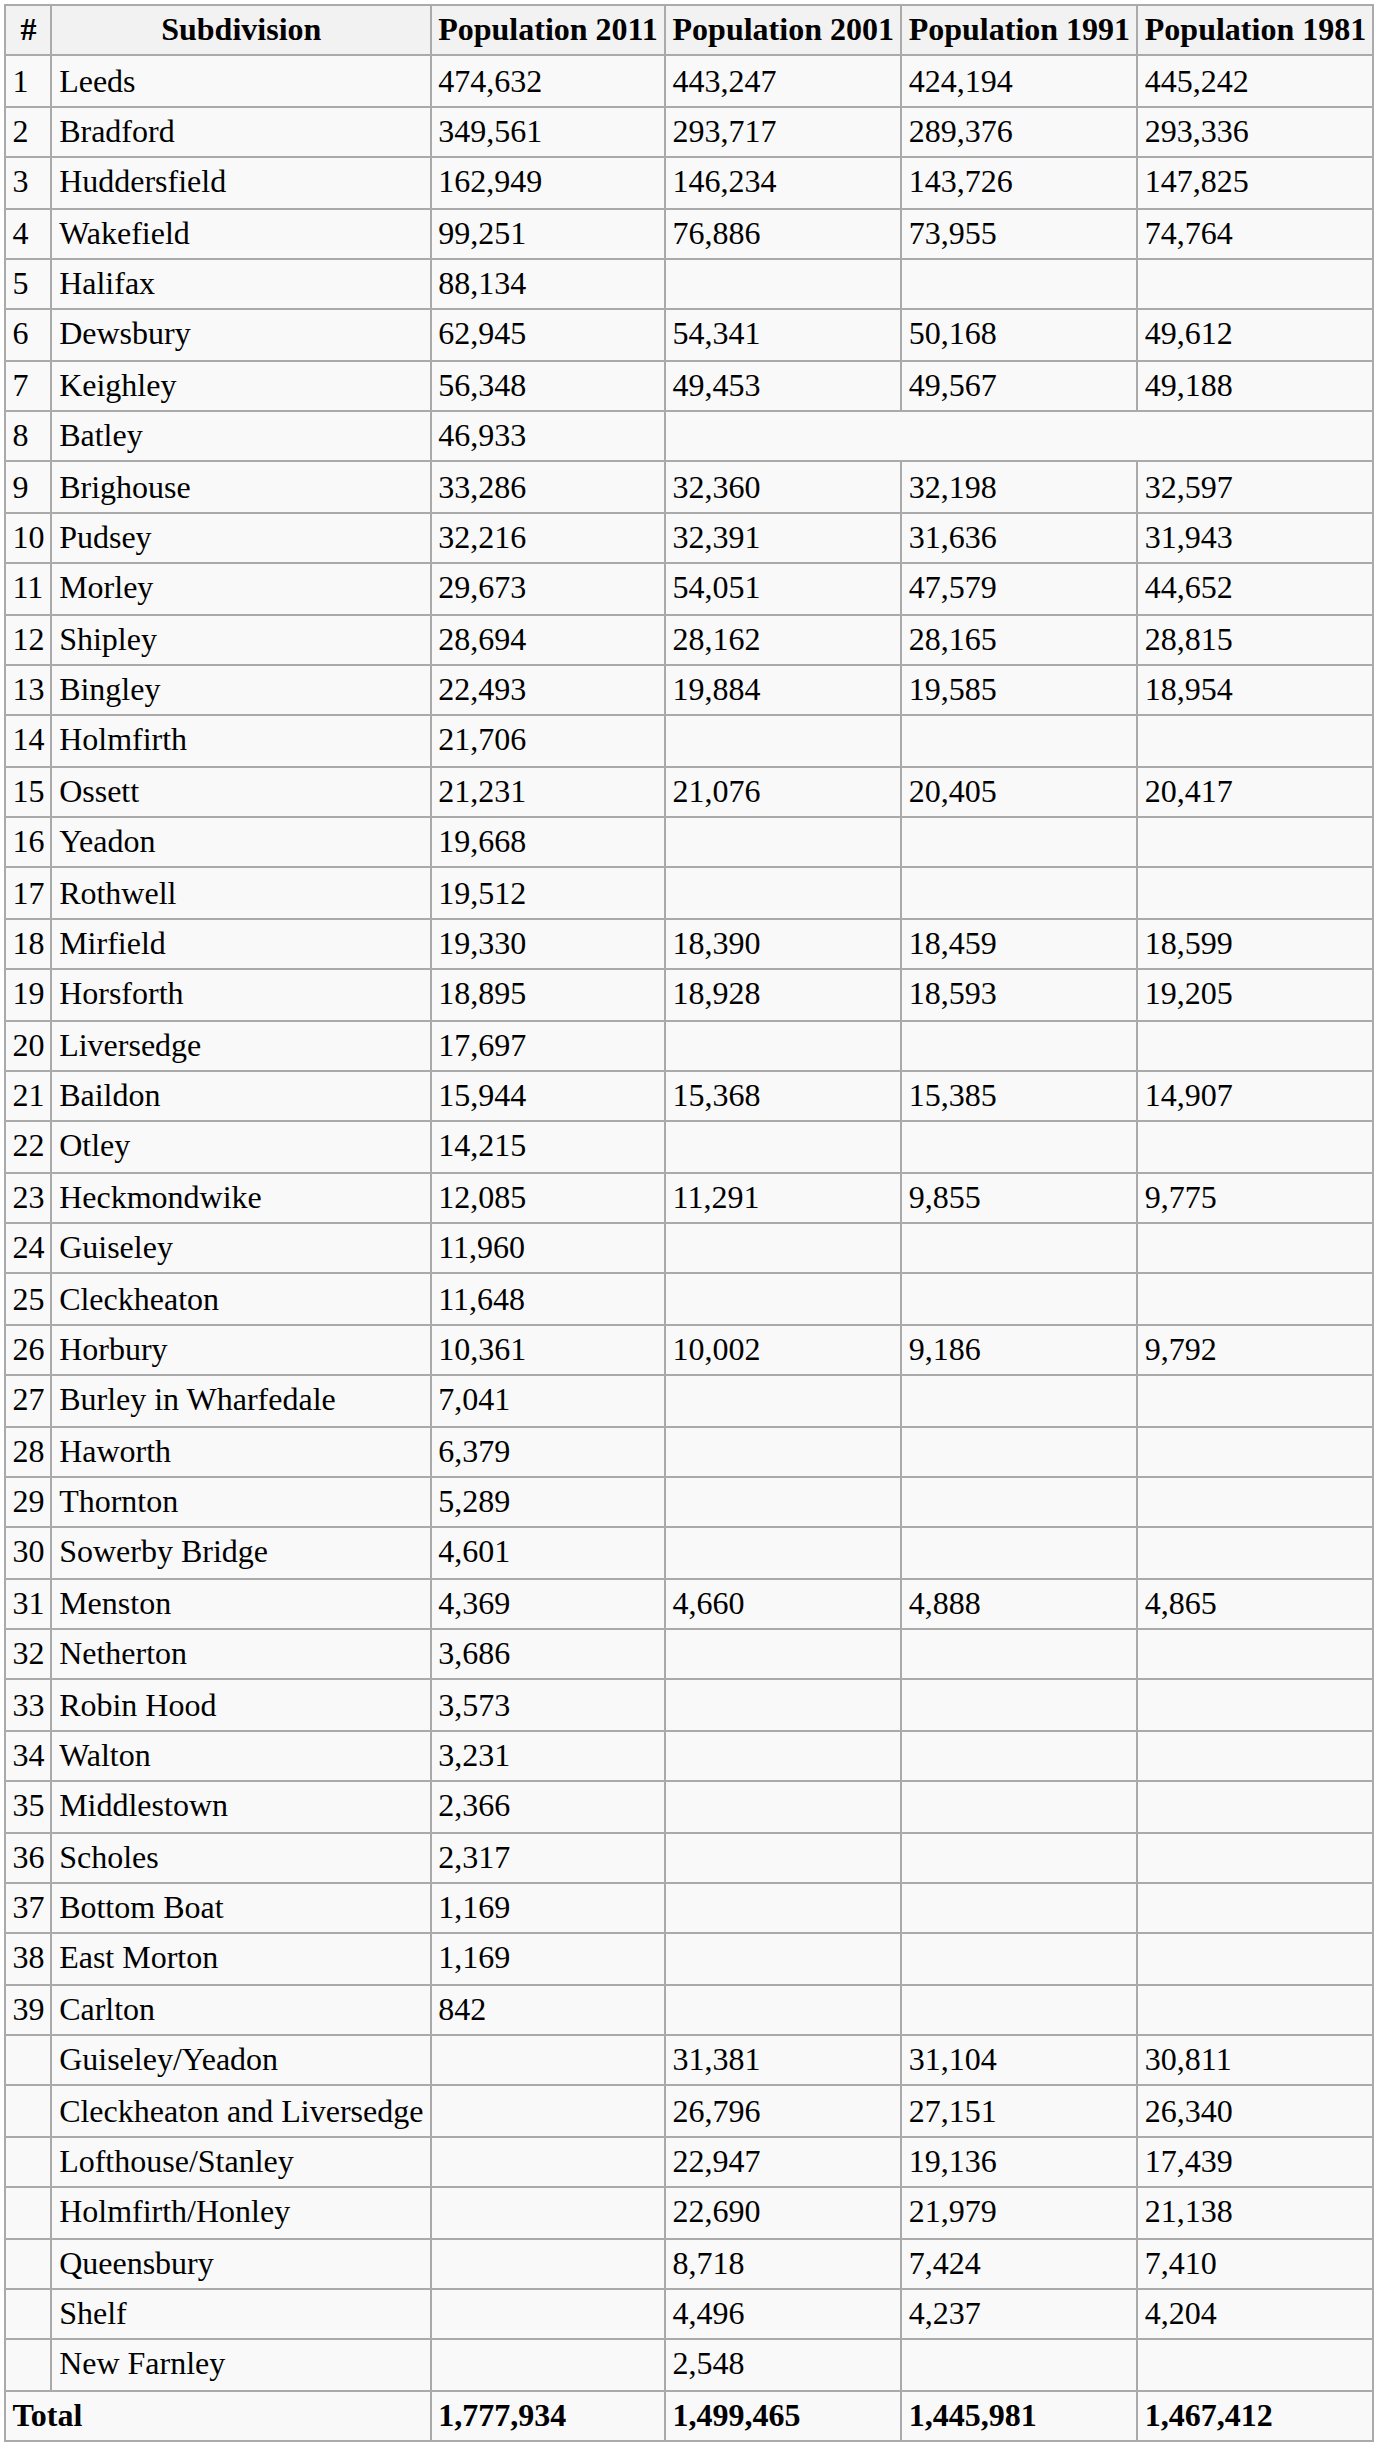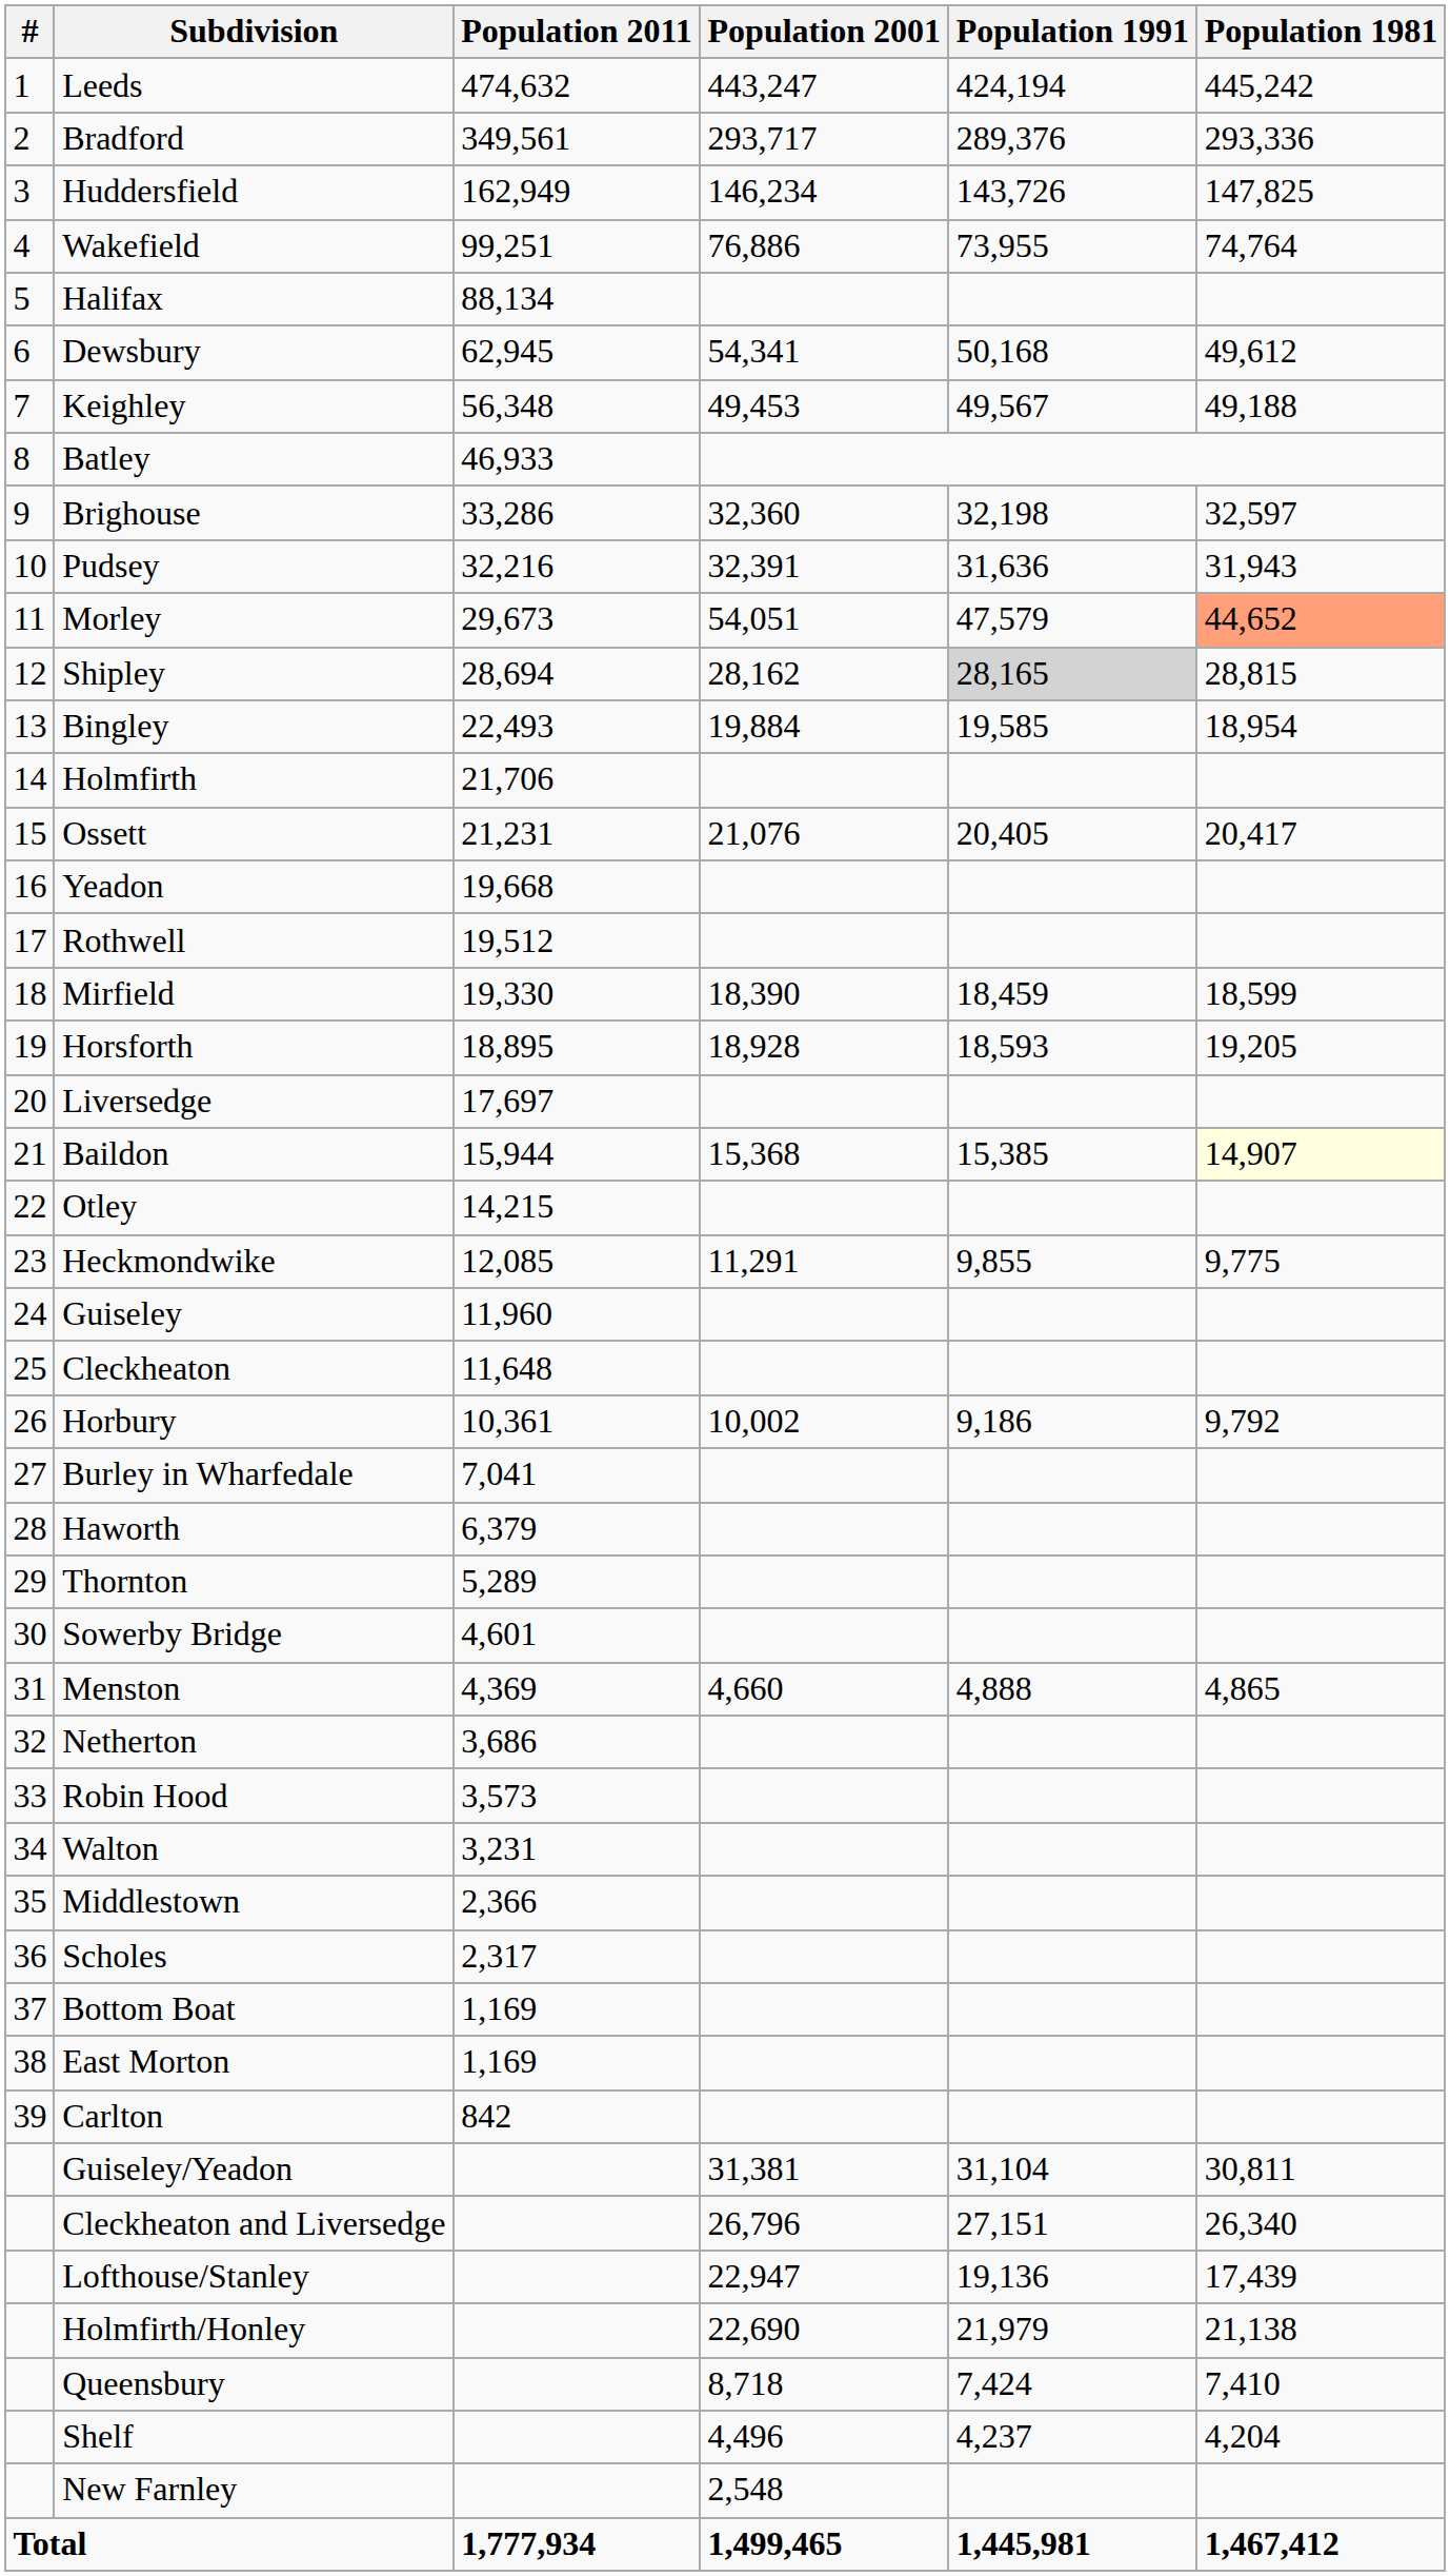 <table class="wikitable">
 <tr>
 <th>#</th>
 <th>Subdivision</th>
 <th>Population 2011</th>
 <th>Population 2001</th>
 <th>Population 1991</th>
 <th>Population 1981</th>
 </tr>
 <tr>
 <td>1</td>
 <td>Leeds</td>
 <td>474,632</td>
 <td>443,247</td>
 <td>424,194</td>
 <td>445,242</td>
 </tr>
 <tr>
 <td>2</td>
 <td>Bradford</td>
 <td>349,561</td>
 <td>293,717</td>
 <td>289,376</td>
 <td>293,336</td>
 </tr>
 <tr>
 <td>3</td>
 <td>Huddersfield</td>
 <td>162,949</td>
 <td>146,234</td>
 <td>143,726</td>
 <td>147,825</td>
 </tr>
 <tr>
 <td>4</td>
 <td>Wakefield</td>
 <td>99,251</td>
 <td>76,886</td>
 <td>73,955</td>
 <td>74,764</td>
 </tr>
 <tr>
 <td>5</td>
 <td>Halifax</td>
 <td>88,134</td>
 <td></td>
 <td></td>
 <td></td>
 </tr>
 <tr>
 <td>6</td>
 <td>Dewsbury</td>
 <td>62,945</td>
 <td>54,341</td>
 <td>50,168</td>
 <td>49,612</td>
 </tr>
 <tr>
 <td>7</td>
 <td>Keighley</td>
 <td>56,348</td>
 <td>49,453</td>
 <td>49,567</td>
 <td>49,188</td>
 </tr>
 <tr>
 <td>8</td>
 <td>Batley</td>
 <td>46,933</td>
 </tr>
 <tr>
 <td>9</td>
 <td>Brighouse</td>
 <td>33,286</td>
 <td>32,360</td>
 <td>32,198</td>
 <td>32,597</td>
 </tr>
 <tr>
 <td>10</td>
 <td>Pudsey</td>
 <td>32,216</td>
 <td>32,391</td>
 <td>31,636</td>
 <td>31,943</td>
 </tr>
 <tr>
 <td>11</td>
 <td>Morley</td>
 <td>29,673</td>
 <td>54,051</td>
 <td>47,579</td>
-<td>44,652</td>
+<td style="background: lightsalmon;">44,652</td>
 </tr>
 <tr>
 <td>12</td>
 <td>Shipley</td>
 <td>28,694</td>
 <td>28,162</td>
-<td>28,165</td>
+<td style="background: lightgrey;">28,165</td>
 <td>28,815</td>
 </tr>
 <tr>
 <td>13</td>
 <td>Bingley</td>
 <td>22,493</td>
 <td>19,884</td>
 <td>19,585</td>
 <td>18,954</td>
 </tr>
 <tr>
 <td>14</td>
 <td>Holmfirth</td>
 <td>21,706</td>
 <td></td>
 <td></td>
 <td></td>
 </tr>
 <tr>
 <td>15</td>
 <td>Ossett</td>
 <td>21,231</td>
 <td>21,076</td>
 <td>20,405</td>
 <td>20,417</td>
 </tr>
 <tr>
 <td>16</td>
 <td>Yeadon</td>
 <td>19,668</td>
 <td></td>
 <td></td>
 <td></td>
 </tr>
 <tr>
 <td>17</td>
 <td>Rothwell</td>
 <td>19,512</td>
 <td></td>
 <td></td>
 <td></td>
 </tr>
 <tr>
 <td>18</td>
 <td>Mirfield</td>
 <td>19,330</td>
 <td>18,390</td>
 <td>18,459</td>
 <td>18,599</td>
 </tr>
 <tr>
 <td>19</td>
 <td>Horsforth</td>
 <td>18,895</td>
 <td>18,928</td>
 <td>18,593</td>
 <td>19,205</td>
 </tr>
 <tr>
 <td>20</td>
 <td>Liversedge</td>
 <td>17,697</td>
 <td></td>
 <td></td>
 <td></td>
 </tr>
 <tr>
 <td>21</td>
 <td>Baildon</td>
 <td>15,944</td>
 <td>15,368</td>
 <td>15,385</td>
-<td>14,907</td>
+<td style="background: lightyellow;">14,907</td>
 </tr>
 <tr>
 <td>22</td>
 <td>Otley</td>
 <td>14,215</td>
 <td></td>
 <td></td>
 <td></td>
 </tr>
 <tr>
 <td>23</td>
 <td>Heckmondwike</td>
 <td>12,085</td>
 <td>11,291</td>
 <td>9,855</td>
 <td>9,775</td>
 </tr>
 <tr>
 <td>24</td>
 <td>Guiseley</td>
 <td>11,960</td>
 <td></td>
 <td></td>
 <td></td>
 </tr>
 <tr>
 <td>25</td>
 <td>Cleckheaton</td>
 <td>11,648</td>
 <td></td>
 <td></td>
 <td></td>
 </tr>
 <tr>
 <td>26</td>
 <td>Horbury</td>
 <td>10,361</td>
 <td>10,002</td>
 <td>9,186</td>
 <td>9,792</td>
 </tr>
 <tr>
 <td>27</td>
 <td>Burley in Wharfedale</td>
 <td>7,041</td>
 <td></td>
 <td></td>
 <td></td>
 </tr>
 <tr>
 <td>28</td>
 <td>Haworth</td>
 <td>6,379</td>
 <td></td>
 <td></td>
 <td></td>
 </tr>
 <tr>
 <td>29</td>
 <td>Thornton</td>
 <td>5,289</td>
 <td></td>
 <td></td>
 <td></td>
 </tr>
 <tr>
 <td>30</td>
 <td>Sowerby Bridge</td>
 <td>4,601</td>
 <td></td>
 <td></td>
 <td></td>
 </tr>
 <tr>
 <td>31</td>
 <td>Menston</td>
 <td>4,369</td>
 <td>4,660</td>
 <td>4,888</td>
 <td>4,865</td>
 </tr>
 <tr>
 <td>32</td>
 <td>Netherton</td>
 <td>3,686</td>
 <td></td>
 <td></td>
 <td></td>
 </tr>
 <tr>
 <td>33</td>
 <td>Robin Hood</td>
 <td>3,573</td>
 <td></td>
 <td></td>
 <td></td>
 </tr>
 <tr>
 <td>34</td>
 <td>Walton</td>
 <td>3,231</td>
 <td></td>
 <td></td>
 <td></td>
 </tr>
 <tr>
 <td>35</td>
 <td>Middlestown</td>
 <td>2,366</td>
 <td></td>
 <td></td>
 <td></td>
 </tr>
 <tr>
 <td>36</td>
 <td>Scholes</td>
 <td>2,317</td>
 <td></td>
 <td></td>
 <td></td>
 </tr>
 <tr>
 <td>37</td>
 <td>Bottom Boat</td>
 <td>1,169</td>
 <td></td>
 <td></td>
 <td></td>
 </tr>
 <tr>
 <td>38</td>
 <td>East Morton</td>
 <td>1,169</td>
 <td></td>
 <td></td>
 <td></td>
 </tr>
 <tr>
 <td>39</td>
 <td>Carlton</td>
 <td>842</td>
 <td></td>
 <td></td>
 <td></td>
 </tr>
 <tr>
 <td></td>
 <td>Guiseley/Yeadon</td>
 <td></td>
 <td>31,381</td>
 <td>31,104</td>
 <td>30,811</td>
 </tr>
 <tr>
 <td></td>
 <td>Cleckheaton and Liversedge</td>
 <td></td>
 <td>26,796</td>
 <td>27,151</td>
 <td>26,340</td>
 </tr>
 <tr>
 <td></td>
 <td>Lofthouse/Stanley</td>
 <td></td>
 <td>22,947</td>
 <td>19,136</td>
 <td>17,439</td>
 </tr>
 <tr>
 <td></td>
 <td>Holmfirth/Honley</td>
 <td></td>
 <td>22,690</td>
 <td>21,979</td>
 <td>21,138</td>
 </tr>
 <tr>
 <td></td>
 <td>Queensbury</td>
 <td></td>
 <td>8,718</td>
 <td>7,424</td>
 <td>7,410</td>
 </tr>
 <tr>
 <td></td>
 <td>Shelf</td>
 <td></td>
 <td>4,496</td>
 <td>4,237</td>
 <td>4,204</td>
 </tr>
 <tr>
 <td></td>
 <td>New Farnley</td>
 <td></td>
 <td>2,548</td>
 <td></td>
 <td></td>
 </tr>
 <tr>
 <td colspan="2"><strong>Total</strong></td>
 <td><strong>1,777,934</strong></td>
 <td><strong>1,499,465</strong></td>
 <td><strong>1,445,981</strong></td>
 <td><strong>1,467,412</strong></td>
 </tr>
 </table>
